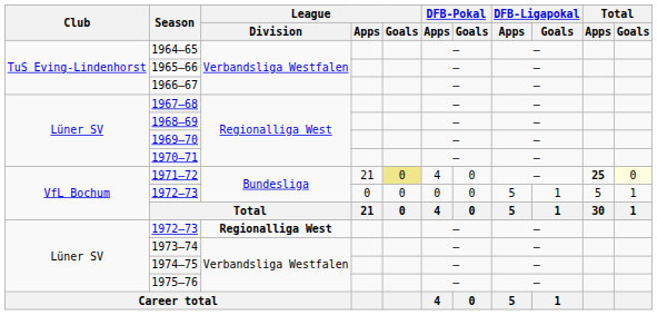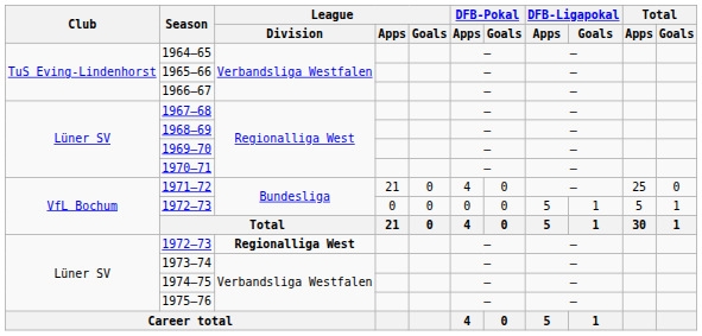 <table class="wikitable" style="text-align:center">
 <tr>
 <th rowspan="2">Club</th>
 <th rowspan="2">Season</th>
 <th colspan="3">League</th>
 <th colspan="2"><a href='#'>DFB-Pokal</a></th>
 <th colspan="2"><a href='#'>DFB-Ligapokal</a></th>
 <th colspan="2">Total</th>
 </tr>
 <tr>
 <th>Division</th>
 <th>Apps</th>
 <th>Goals</th>
 <th>Apps</th>
 <th>Goals</th>
 <th>Apps</th>
 <th>Goals</th>
 <th>Apps</th>
 <th>Goals</th>
 </tr>
 <tr>
 <td rowspan="3"><a href='#'>TuS Eving-Lindenhorst</a></td>
 <td>1964–65</td>
 <td rowspan="3"><a href='#'>Verbandsliga Westfalen</a></td>
 <td></td>
 <td></td>
 <td colspan="2">—</td>
 <td colspan="2">—</td>
 <td></td>
 <td></td>
 </tr>
 <tr>
 <td>1965–66</td>
 <td></td>
 <td></td>
 <td colspan="2">—</td>
 <td colspan="2">—</td>
 <td></td>
 <td></td>
 </tr>
 <tr>
 <td>1966–67</td>
 <td></td>
 <td></td>
 <td colspan="2">—</td>
 <td colspan="2">—</td>
 <td></td>
 <td></td>
 </tr>
 <tr>
 <td rowspan="4"><a href='#'>Lüner SV</a></td>
 <td><a href='#'>1967–68</a></td>
 <td rowspan="4"><a href='#'>Regionalliga West</a></td>
 <td></td>
 <td></td>
 <td colspan="2">—</td>
 <td colspan="2">—</td>
 <td></td>
 <td></td>
 </tr>
 <tr>
 <td><a href='#'>1968–69</a></td>
 <td></td>
 <td></td>
 <td colspan="2">—</td>
 <td colspan="2">—</td>
 <td></td>
 <td></td>
 </tr>
 <tr>
 <td><a href='#'>1969–70</a></td>
 <td></td>
 <td></td>
 <td colspan="2">—</td>
 <td colspan="2">—</td>
 <td></td>
 <td></td>
 </tr>
 <tr>
 <td><a href='#'>1970–71</a></td>
 <td></td>
 <td></td>
 <td colspan="2">—</td>
 <td colspan="2">—</td>
 <td></td>
 <td></td>
 </tr>
 <tr>
 <td rowspan="3"><a href='#'>VfL Bochum</a></td>
 <td><a href='#'>1971–72</a></td>
 <td rowspan="2"><a href='#'>Bundesliga</a></td>
 <td>21</td>
-<td style="background: khaki;">0</td>
+<td>0</td>
 <td>4</td>
 <td>0</td>
 <td colspan="2">—</td>
-<td><strong>25</strong></td>
-<td style="background: lightyellow;">0</td>
+<td>25</td>
+<td>0</td>
 </tr>
 <tr>
 <td><a href='#'>1972–73</a></td>
 <td>0</td>
 <td>0</td>
 <td>0</td>
 <td>0</td>
 <td>5</td>
 <td>1</td>
 <td>5</td>
 <td>1</td>
 </tr>
 <tr>
 <th colspan="2">Total</th>
 <th>21</th>
 <th>0</th>
 <th>4</th>
 <th>0</th>
 <th>5</th>
 <th>1</th>
 <th>30</th>
 <th>1</th>
 </tr>
 <tr>
 <td rowspan="4">Lüner SV</td>
 <td><a href='#'>1972–73</a></td>
 <td><strong>Regionalliga West</strong></td>
 <td></td>
 <td></td>
 <td colspan="2">—</td>
 <td colspan="2">—</td>
 <td></td>
 <td></td>
 </tr>
 <tr>
 <td>1973–74</td>
 <td rowspan="3">Verbandsliga Westfalen</td>
 <td></td>
 <td></td>
 <td colspan="2">—</td>
 <td colspan="2">—</td>
 <td></td>
 <td></td>
 </tr>
 <tr>
 <td>1974–75</td>
 <td></td>
 <td></td>
 <td colspan="2">—</td>
 <td colspan="2">—</td>
 <td></td>
 <td></td>
 </tr>
 <tr>
 <td>1975–76</td>
 <td></td>
 <td></td>
 <td colspan="2">—</td>
 <td colspan="2">—</td>
 <td></td>
 <td></td>
 </tr>
 <tr>
 <th colspan="3">Career total</th>
 <th></th>
 <th></th>
 <th>4</th>
 <th>0</th>
 <th>5</th>
 <th>1</th>
 <th></th>
 <th></th>
 </tr>
 </table>
